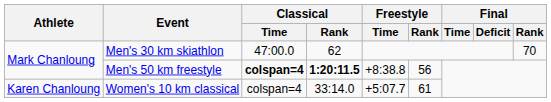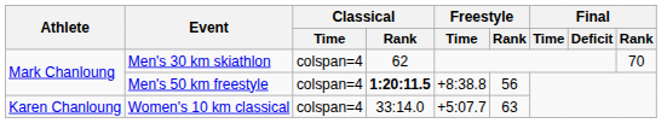 <table class=wikitable style=font-size:90%;text-align:center>
 <tr>
 <th rowspan=2>Athlete</th>
 <th rowspan=2>Event</th>
 <th colspan=2>Classical</th>
 <th colspan=2>Freestyle</th>
 <th colspan=3>Final</th>
 </tr>
 <tr style="font-size: 95%">
 <th>Time</th>
 <th>Rank</th>
 <th>Time</th>
 <th>Rank</th>
 <th>Time</th>
 <th>Deficit</th>
 <th>Rank</th>
 </tr>
 <tr>
 <td align=left rowspan=2><a href='#'>Mark Chanloung</a></td>
 <td align=left><a href='#'>Men's 30 km skiathlon</a></td>
-<td>47:00.0</td>
+<td>colspan=4 </td>
 <td>62</td>
 <td colspan=4></td>
 <td>70</td>
 </tr>
 <tr>
 <td align=left><a href='#'>Men's 50 km freestyle</a></td>
-<td><strong>colspan=4 </strong></td>
+<td>colspan=4 </td>
 <td><strong>1:20:11.5</strong></td>
 <td>+8:38.8</td>
 <td>56</td>
 </tr>
 <tr>
 <td align=left><a href='#'>Karen Chanloung</a></td>
 <td align=left><a href='#'>Women's 10 km classical</a></td>
 <td>colspan=4</td>
 <td>33:14.0</td>
 <td>+5:07.7</td>
-<td>61</td>
+<td>63</td>
 </tr>
 </table>
